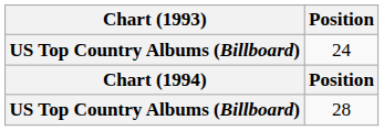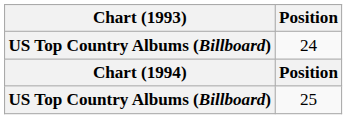 <table class="wikitable plainrowheaders" style="text-align:center">
 <tr>
 <th scope="col">Chart (1993)</th>
 <th scope="col">Position</th>
 </tr>
 <tr>
 <th scope="row">US Top Country Albums (<em>Billboard</em>)</th>
 <td>24</td>
 </tr>
 <tr>
 <th scope="col">Chart (1994)</th>
 <th scope="col">Position</th>
 </tr>
 <tr>
 <th scope="row">US Top Country Albums (<em>Billboard</em>)</th>
-<td>28</td>
+<td>25</td>
 </tr>
 </table>
